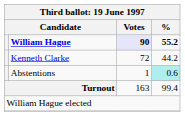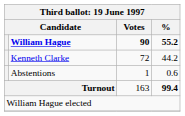 <table class="wikitable" style="font-size:95%;">
 <tr>
 <th colspan="5">Third ballot: 19 June 1997</th>
 </tr>
 <tr>
 <th colspan="2" style="width: 170px">Candidate</th>
 <th style="width: 50px">Votes</th>
 <th style="width: 40px">%</th>
 </tr>
 <tr>
 <th style="background-color: "></th>
 <td style="width: 170px"><strong><a href='#'>William Hague</a></strong></td>
-<td align="right" style="background: lavender;"><strong>90</strong></td>
+<td align="right"><strong>90</strong></td>
 <td align="right"><strong>55.2</strong></td>
 </tr>
 <tr>
 <th style="background-color: "></th>
 <td style="width: 170px"><a href='#'>Kenneth Clarke</a></td>
 <td align="right">72</td>
 <td align="right">44.2</td>
 </tr>
 <tr>
 <th style="background-color: "></th>
 <td style="width: 170px">Abstentions</td>
 <td align="right">1</td>
-<td align="right" style="background: paleturquoise;">0.6</td>
+<td align="right">0.6</td>
 </tr>
 <tr>
 <th colspan="2" style="text-align:right">Turnout</th>
 <td align="right">163</td>
-<td align="right">99.4</td>
+<td align="right"><strong>99.4</strong></td>
 </tr>
 <tr>
 <td colspan="5">William Hague elected</td>
 </tr>
 <tr>
 </tr>
 </table>
